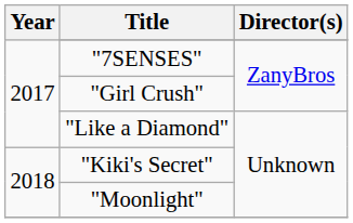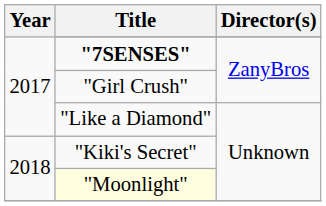 <table class="wikitable plainrowheaders" style="text-align:center;">
 <tr>
 <th scope="col">Year</th>
 <th scope="col">Title</th>
 <th scope="col">Director(s)</th>
 </tr>
 <tr>
 <td rowspan="4">2017</td>
 </tr>
 <tr>
-<td>"7SENSES"</td>
+<td><strong>"7SENSES"</strong></td>
 <td rowspan="2"><a href='#'>ZanyBros</a></td>
 </tr>
 <tr>
 <td>"Girl Crush"</td>
 </tr>
 <tr>
 <td>"Like a Diamond"</td>
 <td rowspan="3">Unknown</td>
 </tr>
 <tr>
 <td rowspan="2">2018</td>
 <td>"Kiki's Secret"</td>
 </tr>
 <tr>
-<td>"Moonlight"</td>
+<td style="background: lightyellow;">"Moonlight"</td>
 </tr>
 <tr>
 </tr>
 </table>
